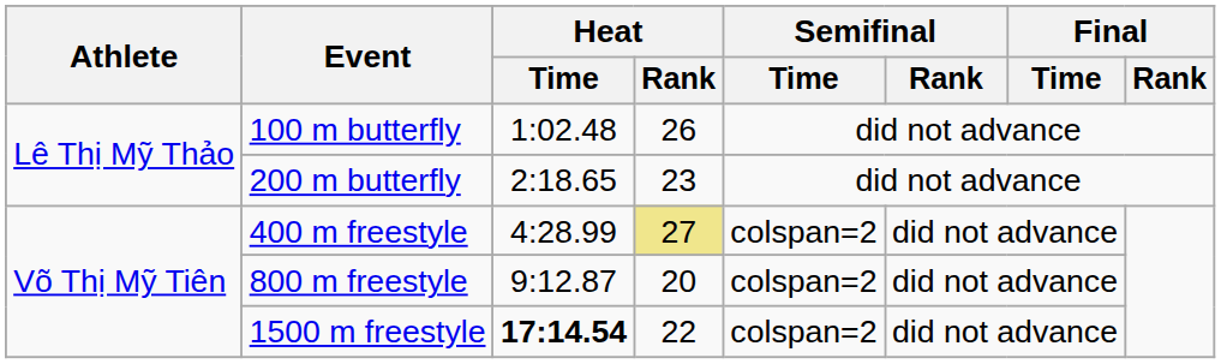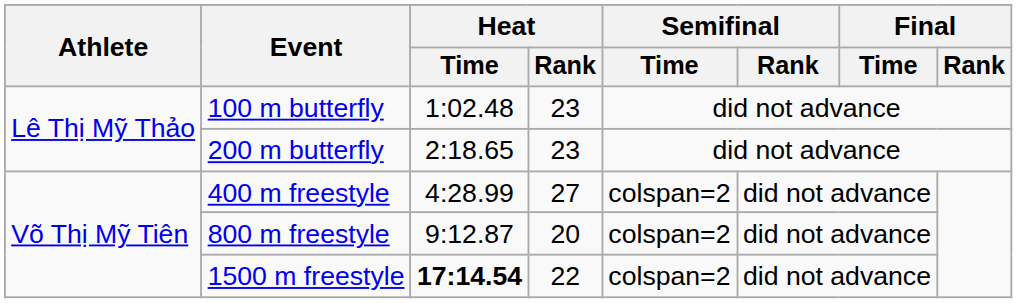 <table class="wikitable" style="text-align:center; font-size:90%">
 <tr>
 <th rowspan="2">Athlete</th>
 <th rowspan="2">Event</th>
 <th colspan="2">Heat</th>
 <th colspan="2">Semifinal</th>
 <th colspan="2">Final</th>
 </tr>
 <tr style="font-size:95%">
 <th>Time</th>
 <th>Rank</th>
 <th>Time</th>
 <th>Rank</th>
 <th>Time</th>
 <th>Rank</th>
 </tr>
 <tr>
 <td rowspan=2 align=left><a href='#'>Lê Thị Mỹ Thảo</a></td>
 <td align=left><a href='#'>100 m butterfly</a></td>
 <td>1:02.48</td>
-<td>26</td>
+<td>23</td>
 <td colspan=4>did not advance</td>
 </tr>
 <tr>
 <td align=left><a href='#'>200 m butterfly</a></td>
 <td>2:18.65</td>
 <td>23</td>
 <td colspan=4>did not advance</td>
 </tr>
 <tr>
 <td rowspan=3 align=left><a href='#'>Võ Thị Mỹ Tiên</a></td>
 <td align=left><a href='#'>400 m freestyle</a></td>
 <td>4:28.99</td>
-<td style="background: khaki;">27</td>
+<td>27</td>
 <td>colspan=2 </td>
 <td colspan=2>did not advance</td>
 </tr>
 <tr>
 <td align=left><a href='#'>800 m freestyle</a></td>
 <td>9:12.87</td>
 <td>20</td>
 <td>colspan=2 </td>
 <td colspan=2>did not advance</td>
 </tr>
 <tr>
 <td align=left><a href='#'>1500 m freestyle</a></td>
 <td><strong>17:14.54</strong></td>
 <td>22</td>
 <td>colspan=2 </td>
 <td colspan=2>did not advance</td>
 </tr>
 </table>
